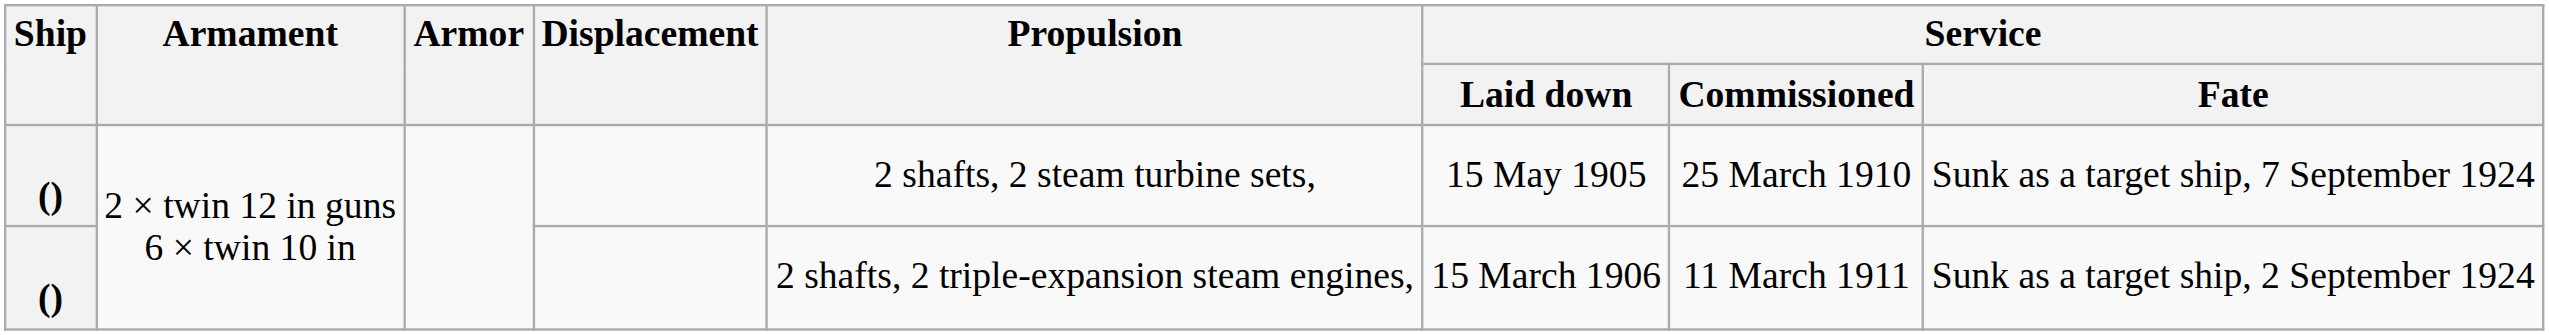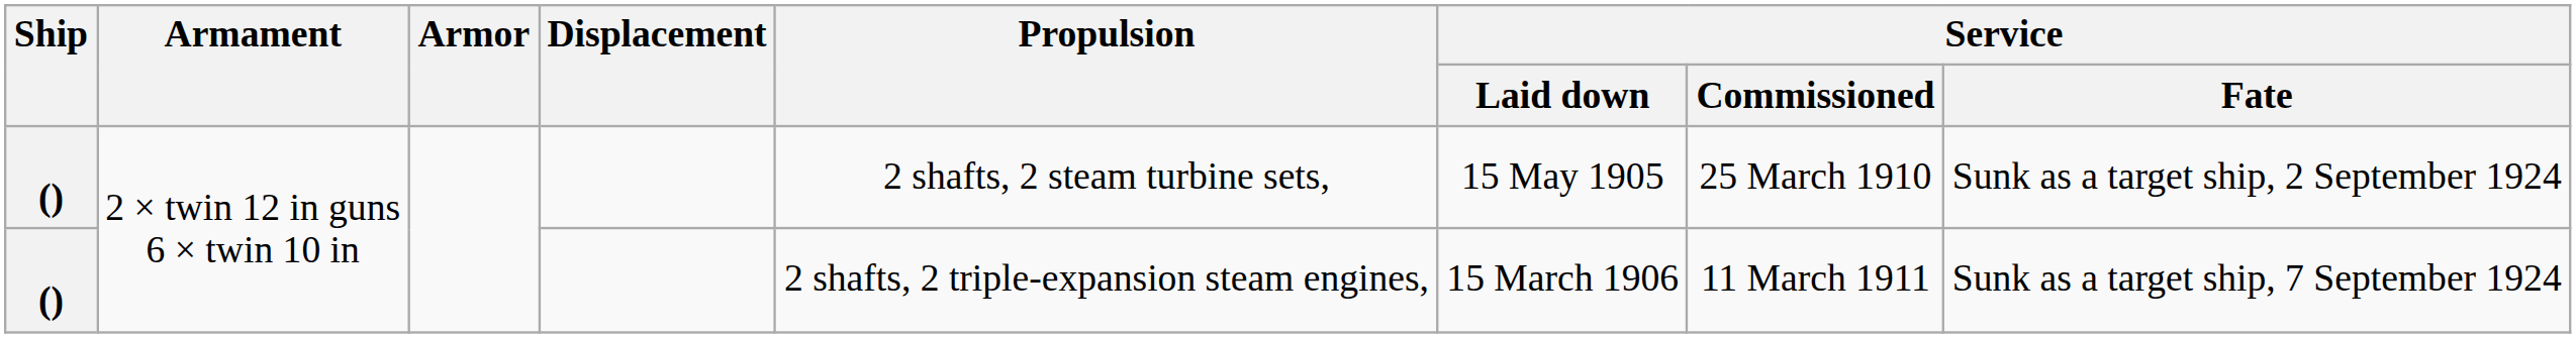 <table class="wikitable plainrowheaders" style="text-align: center;">
 <tr valign="top">
 <th scope="col" rowspan="2">Ship</th>
 <th scope="col" rowspan="2">Armament</th>
 <th scope="col" rowspan="2">Armor</th>
 <th scope="col" rowspan="2">Displacement</th>
 <th scope="col" rowspan="2">Propulsion</th>
 <th scope="col" colspan="3">Service</th>
 </tr>
 <tr valign="top">
 <th scope="col">Laid down</th>
 <th scope="col">Commissioned</th>
 <th scope="col">Fate</th>
 </tr>
 <tr valign="center">
 <th scope="row"><br>()</th>
 <td rowspan="2">2 × twin 12 in guns<br>6 × twin 10 in</td>
 <td rowspan="2"></td>
 <td></td>
 <td>2 shafts, 2 steam turbine sets,<br></td>
 <td>15 May 1905</td>
 <td>25 March 1910</td>
-<td>Sunk as a target ship, 7 September 1924</td>
+<td>Sunk as a target ship, 2 September 1924</td>
 </tr>
 <tr valign="center">
 <th scope="row"><br>()</th>
 <td></td>
 <td>2 shafts, 2 triple-expansion steam engines,<br></td>
 <td>15 March 1906</td>
 <td>11 March 1911</td>
-<td>Sunk as a target ship, 2 September 1924</td>
+<td>Sunk as a target ship, 7 September 1924</td>
 </tr>
 </table>
